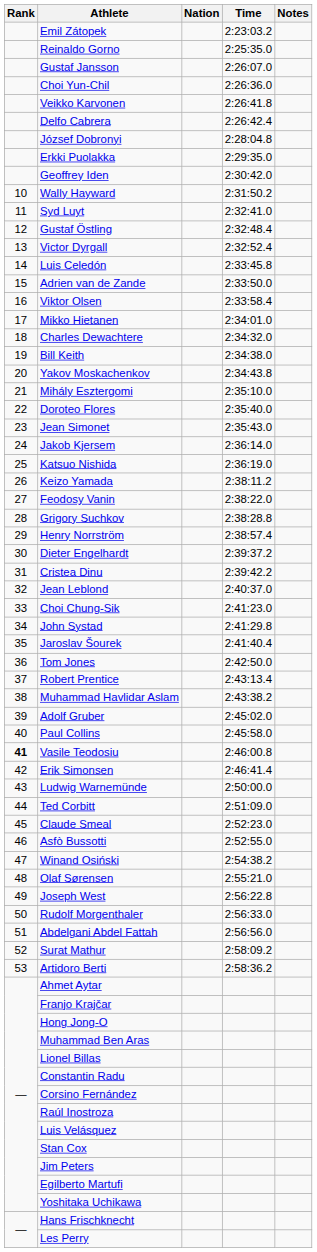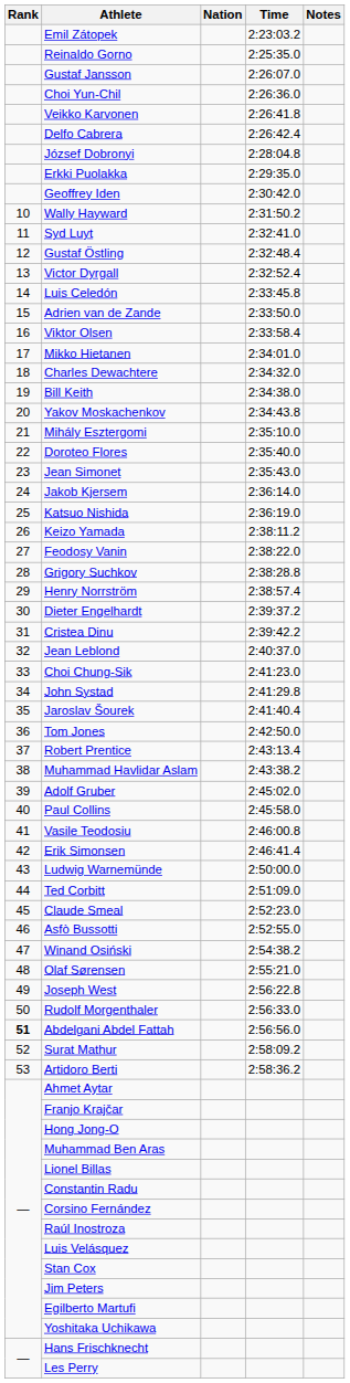 <table class="wikitable sortable" style=text-align:center>
 <tr>
 <th>Rank</th>
 <th>Athlete</th>
 <th>Nation</th>
 <th>Time</th>
 <th>Notes</th>
 </tr>
 <tr>
 <td></td>
 <td align=left><a href='#'>Emil Zátopek</a></td>
 <td align=left></td>
 <td>2:23:03.2</td>
 <td></td>
 </tr>
 <tr>
 <td></td>
 <td align=left><a href='#'>Reinaldo Gorno</a></td>
 <td align=left></td>
 <td>2:25:35.0</td>
 <td></td>
 </tr>
 <tr>
 <td></td>
 <td align=left><a href='#'>Gustaf Jansson</a></td>
 <td align=left></td>
 <td>2:26:07.0</td>
 <td></td>
 </tr>
 <tr>
 <td></td>
 <td align=left><a href='#'>Choi Yun-Chil</a></td>
 <td align=left></td>
 <td>2:26:36.0</td>
 <td></td>
 </tr>
 <tr>
 <td></td>
 <td align=left><a href='#'>Veikko Karvonen</a></td>
 <td align=left></td>
 <td>2:26:41.8</td>
 <td></td>
 </tr>
 <tr>
 <td></td>
 <td align=left><a href='#'>Delfo Cabrera</a></td>
 <td align=left></td>
 <td>2:26:42.4</td>
 <td></td>
 </tr>
 <tr>
 <td></td>
 <td align=left><a href='#'>József Dobronyi</a></td>
 <td align=left></td>
 <td>2:28:04.8</td>
 <td></td>
 </tr>
 <tr>
 <td></td>
 <td align=left><a href='#'>Erkki Puolakka</a></td>
 <td align=left></td>
 <td>2:29:35.0</td>
 <td></td>
 </tr>
 <tr>
 <td></td>
 <td align=left><a href='#'>Geoffrey Iden</a></td>
 <td align=left></td>
 <td>2:30:42.0</td>
 <td></td>
 </tr>
 <tr>
 <td>10</td>
 <td align=left><a href='#'>Wally Hayward</a></td>
 <td align=left></td>
 <td>2:31:50.2</td>
 <td></td>
 </tr>
 <tr>
 <td>11</td>
 <td align=left><a href='#'>Syd Luyt</a></td>
 <td align=left></td>
 <td>2:32:41.0</td>
 <td></td>
 </tr>
 <tr>
 <td>12</td>
 <td align=left><a href='#'>Gustaf Östling</a></td>
 <td align=left></td>
 <td>2:32:48.4</td>
 <td></td>
 </tr>
 <tr>
 <td>13</td>
 <td align=left><a href='#'>Victor Dyrgall</a></td>
 <td align=left></td>
 <td>2:32:52.4</td>
 <td></td>
 </tr>
 <tr>
 <td>14</td>
 <td align=left><a href='#'>Luis Celedón</a></td>
 <td align=left></td>
 <td>2:33:45.8</td>
 <td></td>
 </tr>
 <tr>
 <td>15</td>
 <td align=left><a href='#'>Adrien van de Zande</a></td>
 <td align=left></td>
 <td>2:33:50.0</td>
 <td></td>
 </tr>
 <tr>
 <td>16</td>
 <td align=left><a href='#'>Viktor Olsen</a></td>
 <td align=left></td>
 <td>2:33:58.4</td>
 <td></td>
 </tr>
 <tr>
 <td>17</td>
 <td align=left><a href='#'>Mikko Hietanen</a></td>
 <td align=left></td>
 <td>2:34:01.0</td>
 <td></td>
 </tr>
 <tr>
 <td>18</td>
 <td align=left><a href='#'>Charles Dewachtere</a></td>
 <td align=left></td>
 <td>2:34:32.0</td>
 <td></td>
 </tr>
 <tr>
 <td>19</td>
 <td align=left><a href='#'>Bill Keith</a></td>
 <td align=left></td>
 <td>2:34:38.0</td>
 <td></td>
 </tr>
 <tr>
 <td>20</td>
 <td align=left><a href='#'>Yakov Moskachenkov</a></td>
 <td align=left></td>
 <td>2:34:43.8</td>
 <td></td>
 </tr>
 <tr>
 <td>21</td>
 <td align=left><a href='#'>Mihály Esztergomi</a></td>
 <td align=left></td>
 <td>2:35:10.0</td>
 <td></td>
 </tr>
 <tr>
 <td>22</td>
 <td align=left><a href='#'>Doroteo Flores</a></td>
 <td align=left></td>
 <td>2:35:40.0</td>
 <td></td>
 </tr>
 <tr>
 <td>23</td>
 <td align=left><a href='#'>Jean Simonet</a></td>
 <td align=left></td>
 <td>2:35:43.0</td>
 <td></td>
 </tr>
 <tr>
 <td>24</td>
 <td align=left><a href='#'>Jakob Kjersem</a></td>
 <td align=left></td>
 <td>2:36:14.0</td>
 <td></td>
 </tr>
 <tr>
 <td>25</td>
 <td align=left><a href='#'>Katsuo Nishida</a></td>
 <td align=left></td>
 <td>2:36:19.0</td>
 <td></td>
 </tr>
 <tr>
 <td>26</td>
 <td align=left><a href='#'>Keizo Yamada</a></td>
 <td align=left></td>
 <td>2:38:11.2</td>
 <td></td>
 </tr>
 <tr>
 <td>27</td>
 <td align=left><a href='#'>Feodosy Vanin</a></td>
 <td align=left></td>
 <td>2:38:22.0</td>
 <td></td>
 </tr>
 <tr>
 <td>28</td>
 <td align=left><a href='#'>Grigory Suchkov</a></td>
 <td align=left></td>
 <td>2:38:28.8</td>
 <td></td>
 </tr>
 <tr>
 <td>29</td>
 <td align=left><a href='#'>Henry Norrström</a></td>
 <td align=left></td>
 <td>2:38:57.4</td>
 <td></td>
 </tr>
 <tr>
 <td>30</td>
 <td align=left><a href='#'>Dieter Engelhardt</a></td>
 <td align=left></td>
 <td>2:39:37.2</td>
 <td></td>
 </tr>
 <tr>
 <td>31</td>
 <td align=left><a href='#'>Cristea Dinu</a></td>
 <td align=left></td>
 <td>2:39:42.2</td>
 <td></td>
 </tr>
 <tr>
 <td>32</td>
 <td align=left><a href='#'>Jean Leblond</a></td>
 <td align=left></td>
 <td>2:40:37.0</td>
 <td></td>
 </tr>
 <tr>
 <td>33</td>
 <td align=left><a href='#'>Choi Chung-Sik</a></td>
 <td align=left></td>
 <td>2:41:23.0</td>
 <td></td>
 </tr>
 <tr>
 <td>34</td>
 <td align=left><a href='#'>John Systad</a></td>
 <td align=left></td>
 <td>2:41:29.8</td>
 <td></td>
 </tr>
 <tr>
 <td>35</td>
 <td align=left><a href='#'>Jaroslav Šourek</a></td>
 <td align=left></td>
 <td>2:41:40.4</td>
 <td></td>
 </tr>
 <tr>
 <td>36</td>
 <td align=left><a href='#'>Tom Jones</a></td>
 <td align=left></td>
 <td>2:42:50.0</td>
 <td></td>
 </tr>
 <tr>
 <td>37</td>
 <td align=left><a href='#'>Robert Prentice</a></td>
 <td align=left></td>
 <td>2:43:13.4</td>
 <td></td>
 </tr>
 <tr>
 <td>38</td>
 <td align=left><a href='#'>Muhammad Havlidar Aslam</a></td>
 <td align=left></td>
 <td>2:43:38.2</td>
 <td></td>
 </tr>
 <tr>
 <td>39</td>
 <td align=left><a href='#'>Adolf Gruber</a></td>
 <td align=left></td>
 <td>2:45:02.0</td>
 <td></td>
 </tr>
 <tr>
 <td>40</td>
 <td align=left><a href='#'>Paul Collins</a></td>
 <td align=left></td>
 <td>2:45:58.0</td>
 <td></td>
 </tr>
 <tr>
-<td><strong>41</strong></td>
+<td>41</td>
 <td align=left><a href='#'>Vasile Teodosiu</a></td>
 <td align=left></td>
 <td>2:46:00.8</td>
 <td></td>
 </tr>
 <tr>
 <td>42</td>
 <td align=left><a href='#'>Erik Simonsen</a></td>
 <td align=left></td>
 <td>2:46:41.4</td>
 <td></td>
 </tr>
 <tr>
 <td>43</td>
 <td align=left><a href='#'>Ludwig Warnemünde</a></td>
 <td align=left></td>
 <td>2:50:00.0</td>
 <td></td>
 </tr>
 <tr>
 <td>44</td>
 <td align=left><a href='#'>Ted Corbitt</a></td>
 <td align=left></td>
 <td>2:51:09.0</td>
 <td></td>
 </tr>
 <tr>
 <td>45</td>
 <td align=left><a href='#'>Claude Smeal</a></td>
 <td align=left></td>
 <td>2:52:23.0</td>
 <td></td>
 </tr>
 <tr>
 <td>46</td>
 <td align=left><a href='#'>Asfò Bussotti</a></td>
 <td align=left></td>
 <td>2:52:55.0</td>
 <td></td>
 </tr>
 <tr>
 <td>47</td>
 <td align=left><a href='#'>Winand Osiński</a></td>
 <td align=left></td>
 <td>2:54:38.2</td>
 <td></td>
 </tr>
 <tr>
 <td>48</td>
 <td align=left><a href='#'>Olaf Sørensen</a></td>
 <td align=left></td>
 <td>2:55:21.0</td>
 <td></td>
 </tr>
 <tr>
 <td>49</td>
 <td align=left><a href='#'>Joseph West</a></td>
 <td align=left></td>
 <td>2:56:22.8</td>
 <td></td>
 </tr>
 <tr>
 <td>50</td>
 <td align=left><a href='#'>Rudolf Morgenthaler</a></td>
 <td align=left></td>
 <td>2:56:33.0</td>
 <td></td>
 </tr>
 <tr>
-<td>51</td>
+<td><strong>51</strong></td>
 <td align=left><a href='#'>Abdelgani Abdel Fattah</a></td>
 <td align=left></td>
 <td>2:56:56.0</td>
 <td></td>
 </tr>
 <tr>
 <td>52</td>
 <td align=left><a href='#'>Surat Mathur</a></td>
 <td align=left></td>
 <td>2:58:09.2</td>
 <td></td>
 </tr>
 <tr>
 <td>53</td>
 <td align=left><a href='#'>Artidoro Berti</a></td>
 <td align=left></td>
 <td>2:58:36.2</td>
 <td></td>
 </tr>
 <tr>
 <td rowspan=13 data-sort-value=54>—</td>
 <td align=left><a href='#'>Ahmet Aytar</a></td>
 <td align=left></td>
 <td data-sort-value=4:00:00.0></td>
 <td></td>
 </tr>
 <tr>
 <td align=left><a href='#'>Franjo Krajčar</a></td>
 <td align=left></td>
 <td data-sort-value=4:00:00.0></td>
 <td></td>
 </tr>
 <tr>
 <td align=left><a href='#'>Hong Jong-O</a></td>
 <td align=left></td>
 <td data-sort-value=4:00:00.0></td>
 <td></td>
 </tr>
 <tr>
 <td align=left><a href='#'>Muhammad Ben Aras</a></td>
 <td align=left></td>
 <td data-sort-value=4:00:00.0></td>
 <td></td>
 </tr>
 <tr>
 <td align=left><a href='#'>Lionel Billas</a></td>
 <td align=left></td>
 <td data-sort-value=4:00:00.0></td>
 <td></td>
 </tr>
 <tr>
 <td align=left><a href='#'>Constantin Radu</a></td>
 <td align=left></td>
 <td data-sort-value=4:00:00.0></td>
 <td></td>
 </tr>
 <tr>
 <td align=left><a href='#'>Corsino Fernández</a></td>
 <td align=left></td>
 <td data-sort-value=4:00:00.0></td>
 <td></td>
 </tr>
 <tr>
 <td align=left><a href='#'>Raúl Inostroza</a></td>
 <td align=left></td>
 <td data-sort-value=4:00:00.0></td>
 <td></td>
 </tr>
 <tr>
 <td align=left><a href='#'>Luis Velásquez</a></td>
 <td align=left></td>
 <td data-sort-value=4:00:00.0></td>
 <td></td>
 </tr>
 <tr>
 <td align=left><a href='#'>Stan Cox</a></td>
 <td align=left></td>
 <td data-sort-value=4:00:00.0></td>
 <td></td>
 </tr>
 <tr>
 <td align=left><a href='#'>Jim Peters</a></td>
 <td align=left></td>
 <td data-sort-value=4:00:00.0></td>
 <td></td>
 </tr>
 <tr>
 <td align=left><a href='#'>Egilberto Martufi</a></td>
 <td align=left></td>
 <td data-sort-value=4:00:00.0></td>
 <td></td>
 </tr>
 <tr>
 <td align=left><a href='#'>Yoshitaka Uchikawa</a></td>
 <td align=left></td>
 <td data-sort-value=4:00:00.0></td>
 <td></td>
 </tr>
 <tr>
 <td rowspan=2 data-sort-value=67>—</td>
 <td align=left><a href='#'>Hans Frischknecht</a></td>
 <td align=left></td>
 <td data-sort-value=9:00:00.0></td>
 <td></td>
 </tr>
 <tr>
 <td align=left><a href='#'>Les Perry</a></td>
 <td align=left></td>
 <td data-sort-value=9:00:00.0></td>
 <td></td>
 </tr>
 </table>
